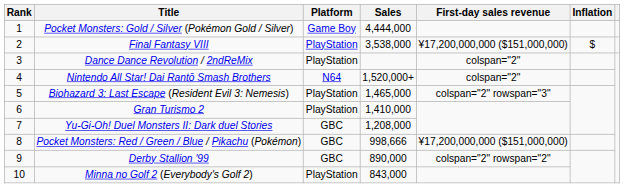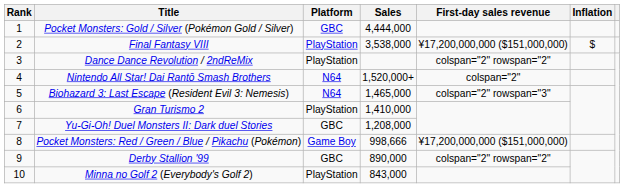 <table class="wikitable sortable" style="text-align:center">
 <tr>
 <th>Rank</th>
 <th>Title</th>
 <th>Platform</th>
 <th>Sales</th>
 <th>First-day sales revenue</th>
 <th>Inflation</th>
 <th class="unsortable"></th>
 </tr>
 <tr>
 <td>1</td>
 <td><em><a href='#'>Pocket Monsters: Gold / Silver</a></em> (<em>Pokémon Gold / Silver</em>)</td>
-<td><a href='#'>Game Boy</a></td>
+<td><a href='#'>GBC</a></td>
 <td>4,444,000</td>
 <td></td>
 <td></td>
 <td></td>
 </tr>
 <tr>
 <td>2</td>
 <td><em><a href='#'>Final Fantasy VIII</a></em></td>
 <td><a href='#'>PlayStation</a></td>
 <td>3,538,000</td>
 <td>¥17,200,000,000 ($151,000,000)</td>
 <td>$</td>
 <td></td>
 </tr>
 <tr>
 <td>3</td>
 <td><em><a href='#'>Dance Dance Revolution</a> / <a href='#'>2ndReMix</a></em></td>
 <td>PlayStation</td>
 <td></td>
-<td>colspan="2" </td>
+<td>colspan="2" rowspan="2" </td>
 <td></td>
 </tr>
 <tr>
 <td>4</td>
 <td><em><a href='#'>Nintendo All Star! Dai Rantō Smash Brothers</a></em></td>
 <td><a href='#'>N64</a></td>
 <td>1,520,000+</td>
 <td>colspan="2" </td>
 <td></td>
 </tr>
 <tr>
 <td>5</td>
 <td><em><a href='#'>Biohazard 3: Last Escape</a></em> (<em>Resident Evil 3: Nemesis</em>)</td>
-<td>PlayStation</td>
+<td><a href='#'>N64</a></td>
 <td>1,465,000</td>
 <td>colspan="2" rowspan="3" </td>
 <td rowspan="3"></td>
 </tr>
 <tr>
 <td>6</td>
 <td><em><a href='#'>Gran Turismo 2</a></em></td>
 <td>PlayStation</td>
 <td>1,410,000</td>
 </tr>
 <tr>
 <td>7</td>
 <td><em><a href='#'>Yu-Gi-Oh! Duel Monsters II: Dark duel Stories</a></em></td>
 <td>GBC</td>
 <td>1,208,000</td>
 </tr>
 <tr>
 <td>8</td>
 <td><em><a href='#'>Pocket Monsters: Red / Green / Blue</a> / <a href='#'>Pikachu</a></em> (<em>Pokémon</em>)</td>
-<td>GBC</td>
+<td><a href='#'>Game Boy</a></td>
 <td>998,666</td>
 <td>¥17,200,000,000 ($151,000,000)</td>
 <td></td>
 </tr>
 <tr>
 <td>9</td>
 <td><em><a href='#'>Derby Stallion '99</a></em></td>
 <td>GBC</td>
 <td>890,000</td>
 <td>colspan="2" rowspan="2" </td>
 <td rowspan="2"></td>
 </tr>
 <tr>
 <td>10</td>
 <td><em><a href='#'>Minna no Golf 2</a></em> (<em>Everybody's Golf 2</em>)</td>
 <td>PlayStation</td>
 <td>843,000</td>
 </tr>
 </table>
